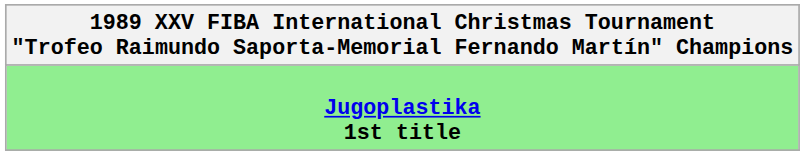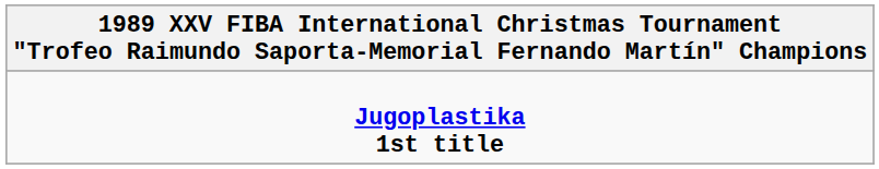 <table class=wikitable style="text-align:center; margin:auto">
 <tr>
 <th>1989 XXV FIBA International Christmas Tournament<br>"Trofeo Raimundo Saporta-Memorial Fernando Martín" Champions</th>
 </tr>
 <tr>
-<td style="background: lightgreen;"><br><strong><a href='#'>Jugoplastika</a></strong><br><strong>1st title</strong></td>
+<td><br><strong><a href='#'>Jugoplastika</a></strong><br><strong>1st title</strong></td>
 </tr>
 </table>
